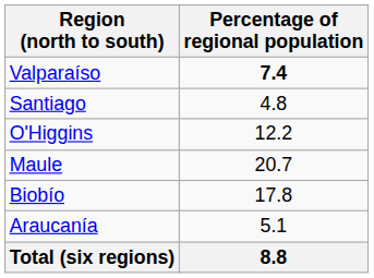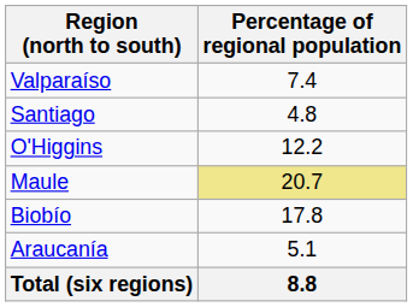 <table class="wikitable">
 <tr>
 <th>Region<br>(north to south)</th>
 <th>Percentage of<br>regional population</th>
 </tr>
 <tr>
 <td><a href='#'>Valparaíso</a></td>
-<td style="text-align:center;"><strong>7.4</strong></td>
+<td style="text-align:center;">7.4</td>
 </tr>
 <tr>
 <td><a href='#'>Santiago</a></td>
 <td style="text-align:center;">4.8</td>
 </tr>
 <tr>
 <td><a href='#'>O'Higgins</a></td>
 <td style="text-align:center;">12.2</td>
 </tr>
 <tr>
 <td><a href='#'>Maule</a></td>
-<td style="text-align:center;">20.7</td>
+<td style="background: khaki; text-align:center;">20.7</td>
 </tr>
 <tr>
 <td><a href='#'>Biobío</a></td>
 <td style="text-align:center;">17.8</td>
 </tr>
 <tr>
 <td><a href='#'>Araucanía</a></td>
 <td style="text-align:center;">5.1</td>
 </tr>
 <tr>
 <th>Total (six regions)</th>
 <th>8.8</th>
 </tr>
 </table>
